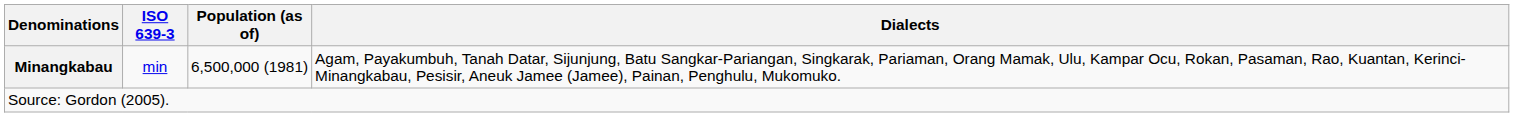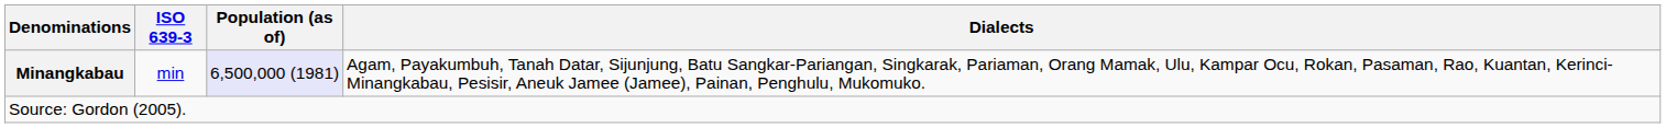 <table class="wikitable">
 <tr>
 <th>Denominations</th>
 <th><a href='#'>ISO 639-3</a></th>
 <th abbr="Population" width=90px>Population (as of)</th>
 <th>Dialects</th>
 </tr>
 <tr>
 <th>Minangkabau</th>
 <td align="center"><a href='#'>min</a></td>
-<td align="right">6,500,000 (1981)</td>
+<td align="right" style="background: lavender;">6,500,000 (1981)</td>
 <td>Agam, Payakumbuh, Tanah Datar, Sijunjung, Batu Sangkar-Pariangan, Singkarak, Pariaman, Orang Mamak, Ulu, Kampar Ocu, Rokan, Pasaman, Rao, Kuantan, Kerinci-Minangkabau, Pesisir, Aneuk Jamee (Jamee), Painan, Penghulu, Mukomuko.</td>
 </tr>
 <tr>
 <td colspan=6><span>Source: Gordon (2005).</span></td>
 </tr>
 </table>
